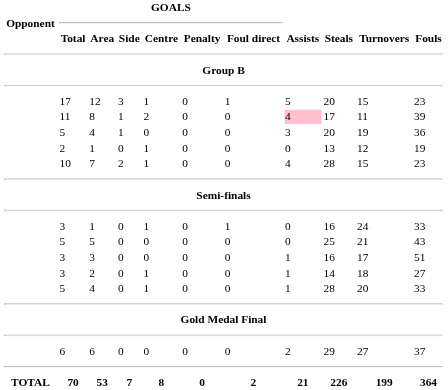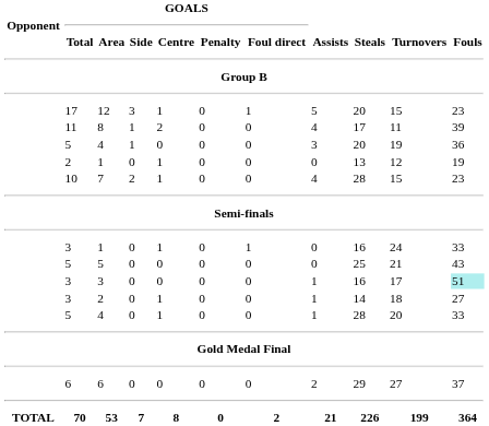 <table border=0 width=100%>
 <tr>
 <th rowspan=3>Opponent</th>
 <th align=center colspan=6 valign=bottom>GOALS</th>
 <th rowspan=3 valign=bottom>Assists</th>
 <th rowspan=3 valign=bottom>Steals</th>
 <th rowspan=3 valign=bottom>Turnovers</th>
 <th rowspan=3 valign=bottom>Fouls</th>
 </tr>
 <tr>
 <th colspan=6><hr></th>
 </tr>
 <tr>
 <th>Total</th>
 <th>Area</th>
 <th>Side</th>
 <th>Centre</th>
 <th>Penalty</th>
 <th>Foul direct</th>
 </tr>
 <tr>
 <th colspan=11><hr></th>
 </tr>
 <tr>
 <th colspan=11>Group B</th>
 </tr>
 <tr>
 <th colspan=11><hr></th>
 </tr>
 <tr>
 <td></td>
 <td>17</td>
 <td>12</td>
 <td>3</td>
 <td>1</td>
 <td>0</td>
 <td>1</td>
 <td>5</td>
 <td>20</td>
 <td>15</td>
 <td>23</td>
 </tr>
 <tr>
 <td></td>
 <td>11</td>
 <td>8</td>
 <td>1</td>
 <td>2</td>
 <td>0</td>
 <td>0</td>
-<td style="background: pink;">4</td>
+<td>4</td>
 <td>17</td>
 <td>11</td>
 <td>39</td>
 </tr>
 <tr>
 <td></td>
 <td>5</td>
 <td>4</td>
 <td>1</td>
 <td>0</td>
 <td>0</td>
 <td>0</td>
 <td>3</td>
 <td>20</td>
 <td>19</td>
 <td>36</td>
 </tr>
 <tr>
 <td></td>
 <td>2</td>
 <td>1</td>
 <td>0</td>
 <td>1</td>
 <td>0</td>
 <td>0</td>
 <td>0</td>
 <td>13</td>
 <td>12</td>
 <td>19</td>
 </tr>
 <tr>
 <td></td>
 <td>10</td>
 <td>7</td>
 <td>2</td>
 <td>1</td>
 <td>0</td>
 <td>0</td>
 <td>4</td>
 <td>28</td>
 <td>15</td>
 <td>23</td>
 </tr>
 <tr>
 <th colspan=11><hr></th>
 </tr>
 <tr>
 <th colspan=11>Semi-finals</th>
 </tr>
 <tr>
 <th colspan=11><hr></th>
 </tr>
 <tr>
 <td></td>
 <td>3</td>
 <td>1</td>
 <td>0</td>
 <td>1</td>
 <td>0</td>
 <td>1</td>
 <td>0</td>
 <td>16</td>
 <td>24</td>
 <td>33</td>
 </tr>
 <tr>
 <td></td>
 <td>5</td>
 <td>5</td>
 <td>0</td>
 <td>0</td>
 <td>0</td>
 <td>0</td>
 <td>0</td>
 <td>25</td>
 <td>21</td>
 <td>43</td>
 </tr>
 <tr>
 <td></td>
 <td>3</td>
 <td>3</td>
 <td>0</td>
 <td>0</td>
 <td>0</td>
 <td>0</td>
 <td>1</td>
 <td>16</td>
 <td>17</td>
-<td>51</td>
+<td style="background: paleturquoise;">51</td>
 </tr>
 <tr>
 <td></td>
 <td>3</td>
 <td>2</td>
 <td>0</td>
 <td>1</td>
 <td>0</td>
 <td>0</td>
 <td>1</td>
 <td>14</td>
 <td>18</td>
 <td>27</td>
 </tr>
 <tr>
 <td></td>
 <td>5</td>
 <td>4</td>
 <td>0</td>
 <td>1</td>
 <td>0</td>
 <td>0</td>
 <td>1</td>
 <td>28</td>
 <td>20</td>
 <td>33</td>
 </tr>
 <tr>
 <th colspan=11><hr></th>
 </tr>
 <tr>
 <th colspan=11>Gold Medal Final</th>
 </tr>
 <tr>
 <th colspan=11><hr></th>
 </tr>
 <tr>
 <td></td>
 <td>6</td>
 <td>6</td>
 <td>0</td>
 <td>0</td>
 <td>0</td>
 <td>0</td>
 <td>2</td>
 <td>29</td>
 <td>27</td>
 <td>37</td>
 </tr>
 <tr>
 <th colspan=11><hr></th>
 </tr>
 <tr>
 <th>TOTAL</th>
 <th>70</th>
 <th>53</th>
 <th>7</th>
 <th>8</th>
 <th>0</th>
 <th>2</th>
 <th>21</th>
 <th>226</th>
 <th>199</th>
 <th>364</th>
 </tr>
 </table>
